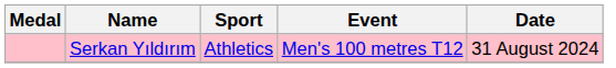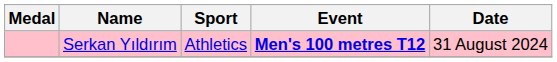 <table class="wikitable sortable" style="font-size: 95%;">
 <tr>
 <th>Medal</th>
 <th>Name</th>
 <th>Sport</th>
 <th>Event</th>
 <th>Date</th>
 </tr>
 <tr bgcolor=pink>
 <td></td>
 <td><a href='#'>Serkan Yıldırım</a></td>
 <td> <a href='#'>Athletics</a></td>
-<td><a href='#'>Men's 100 metres T12</a></td>
+<td><strong><a href='#'>Men's 100 metres T12</a></strong></td>
 <td>31 August 2024</td>
 </tr>
 <tr>
 </tr>
 </table>
